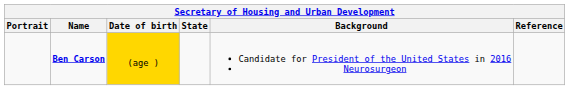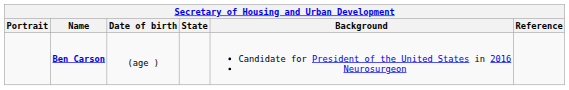 <table class="wikitable collapsible" style="text-align:center;">
 <tr>
 <th colspan="6"><a href='#'>Secretary of Housing and Urban Development</a></th>
 </tr>
 <tr>
 <th>Portrait</th>
 <th>Name</th>
 <th>Date of birth</th>
 <th>State</th>
 <th>Background</th>
 <th>Reference</th>
 </tr>
 <tr>
 <td></td>
 <td><strong><a href='#'>Ben Carson</a></strong></td>
-<td style="background: gold;"><br>(age )</td>
+<td><br>(age )</td>
 <td></td>
 <td><br><ul><li>Candidate for <a href='#'>President of the United States</a> in <a href='#'>2016</a></li><li><a href='#'>Neurosurgeon</a></li></ul></td>
 <td></td>
 </tr>
 </table>
